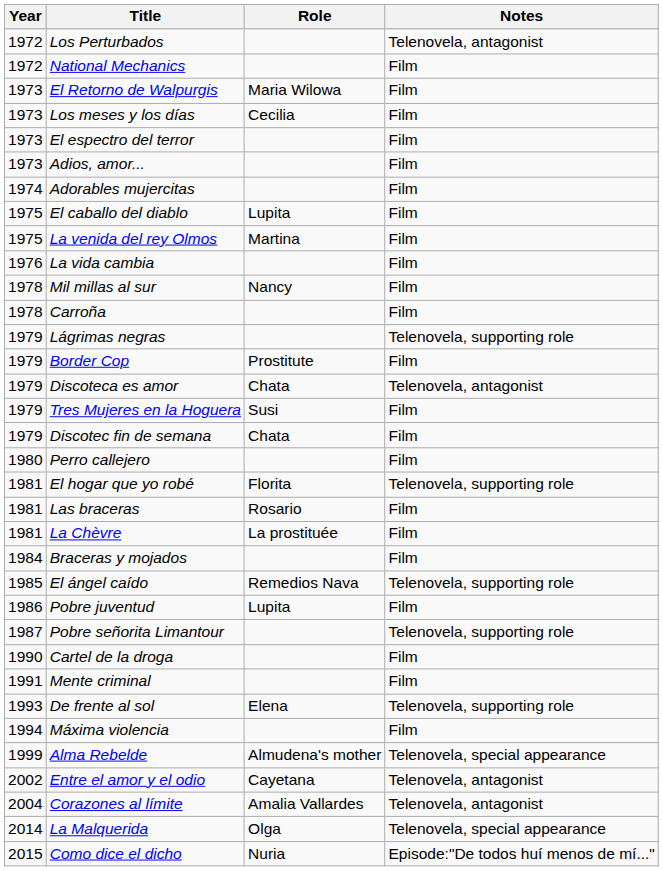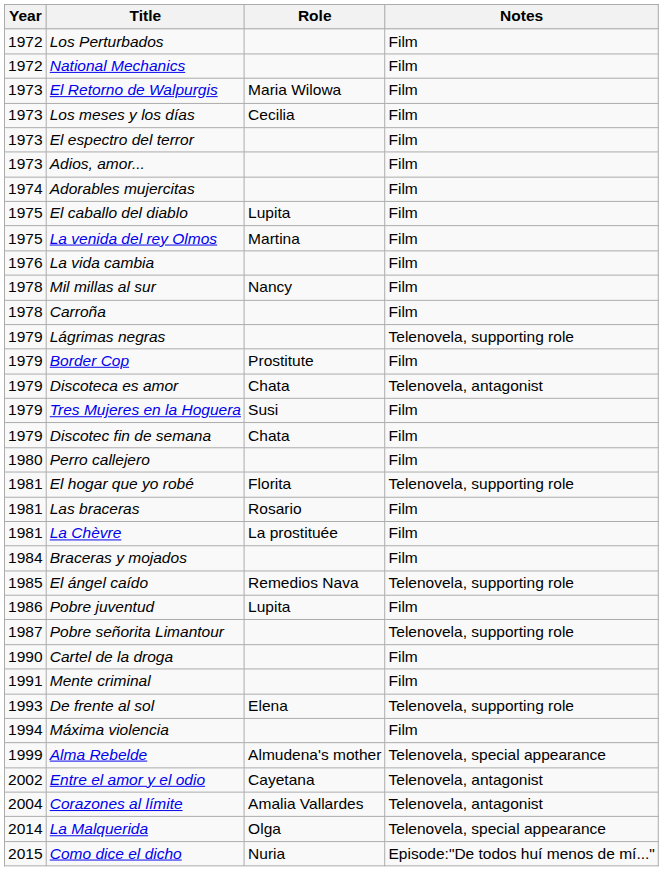 <table class="wikitable">
 <tr style="background:#b0c4de;">
 <th>Year</th>
 <th>Title</th>
 <th>Role</th>
 <th>Notes</th>
 </tr>
 <tr>
 <td>1972</td>
 <td><em>Los Perturbados</em></td>
 <td></td>
-<td>Telenovela, antagonist</td>
+<td>Film</td>
 </tr>
 <tr>
 <td>1972</td>
 <td><em><a href='#'>National Mechanics</a></em></td>
 <td></td>
 <td>Film</td>
 </tr>
 <tr>
 <td>1973</td>
 <td><em><a href='#'>El Retorno de Walpurgis</a></em></td>
 <td>Maria Wilowa</td>
 <td>Film</td>
 </tr>
 <tr>
 <td>1973</td>
 <td><em>Los meses y los días</em></td>
 <td>Cecilia</td>
 <td>Film</td>
 </tr>
 <tr>
 <td>1973</td>
 <td><em>El espectro del terror</em></td>
 <td></td>
 <td>Film</td>
 </tr>
 <tr>
 <td>1973</td>
 <td><em>Adios, amor...</em></td>
 <td></td>
 <td>Film</td>
 </tr>
 <tr>
 <td>1974</td>
 <td><em>Adorables mujercitas</em></td>
 <td></td>
 <td>Film</td>
 </tr>
 <tr>
 <td>1975</td>
 <td><em>El caballo del diablo</em></td>
 <td>Lupita</td>
 <td>Film</td>
 </tr>
 <tr>
 <td>1975</td>
 <td><em><a href='#'>La venida del rey Olmos</a></em></td>
 <td>Martina</td>
 <td>Film</td>
 </tr>
 <tr>
 <td>1976</td>
 <td><em>La vida cambia</em></td>
 <td></td>
 <td>Film</td>
 </tr>
 <tr>
 <td>1978</td>
 <td><em>Mil millas al sur</em></td>
 <td>Nancy</td>
 <td>Film</td>
 </tr>
 <tr>
 <td>1978</td>
 <td><em> Carroña</em></td>
 <td></td>
 <td>Film</td>
 </tr>
 <tr>
 <td>1979</td>
 <td><em> Lágrimas negras</em></td>
 <td></td>
 <td>Telenovela, supporting role</td>
 </tr>
 <tr>
 <td>1979</td>
 <td><em><a href='#'>Border Cop</a></em></td>
 <td>Prostitute</td>
 <td>Film</td>
 </tr>
 <tr>
 <td>1979</td>
 <td><em>Discoteca es amor</em></td>
 <td>Chata</td>
 <td>Telenovela, antagonist</td>
 </tr>
 <tr>
 <td>1979</td>
 <td><em><a href='#'>Tres Mujeres en la Hoguera</a></em></td>
 <td>Susi</td>
 <td>Film</td>
 </tr>
 <tr>
 <td>1979</td>
 <td><em>Discotec fin de semana</em></td>
 <td>Chata</td>
 <td>Film</td>
 </tr>
 <tr>
 <td>1980</td>
 <td><em>Perro callejero</em></td>
 <td></td>
 <td>Film</td>
 </tr>
 <tr>
 <td>1981</td>
 <td><em>El hogar que yo robé</em></td>
 <td>Florita</td>
 <td>Telenovela, supporting role</td>
 </tr>
 <tr>
 <td>1981</td>
 <td><em>Las braceras</em></td>
 <td>Rosario</td>
 <td>Film</td>
 </tr>
 <tr>
 <td>1981</td>
 <td><em><a href='#'>La Chèvre</a></em></td>
 <td>La prostituée</td>
 <td>Film</td>
 </tr>
 <tr>
 <td>1984</td>
 <td><em>Braceras y mojados</em></td>
 <td></td>
 <td>Film</td>
 </tr>
 <tr>
 <td>1985</td>
 <td><em>El ángel caído</em></td>
 <td>Remedios Nava</td>
 <td>Telenovela, supporting role</td>
 </tr>
 <tr>
 <td>1986</td>
 <td><em>Pobre juventud</em></td>
 <td>Lupita</td>
 <td>Film</td>
 </tr>
 <tr>
 <td>1987</td>
 <td><em>Pobre señorita Limantour</em></td>
 <td></td>
 <td>Telenovela, supporting role</td>
 </tr>
 <tr>
 <td>1990</td>
 <td><em>Cartel de la droga</em></td>
 <td></td>
 <td>Film</td>
 </tr>
 <tr>
 <td>1991</td>
 <td><em>Mente criminal</em></td>
 <td></td>
 <td>Film</td>
 </tr>
 <tr>
 <td>1993</td>
 <td><em>De frente al sol</em></td>
 <td>Elena</td>
 <td>Telenovela, supporting role</td>
 </tr>
 <tr>
 <td>1994</td>
 <td><em>Máxima violencia</em></td>
 <td></td>
 <td>Film</td>
 </tr>
 <tr>
 <td>1999</td>
 <td><em><a href='#'>Alma Rebelde</a></em></td>
 <td>Almudena's mother</td>
 <td>Telenovela, special appearance</td>
 </tr>
 <tr>
 <td>2002</td>
 <td><em><a href='#'>Entre el amor y el odio</a></em></td>
 <td>Cayetana</td>
 <td>Telenovela, antagonist</td>
 </tr>
 <tr>
 <td>2004</td>
 <td><em><a href='#'>Corazones al límite</a></em></td>
 <td>Amalia Vallardes</td>
 <td>Telenovela, antagonist</td>
 </tr>
 <tr>
 <td>2014</td>
 <td><em><a href='#'>La Malquerida</a></em></td>
 <td>Olga</td>
 <td>Telenovela, special appearance</td>
 </tr>
 <tr>
 <td>2015</td>
 <td><em><a href='#'>Como dice el dicho</a></em></td>
 <td>Nuria</td>
 <td>Episode:"De todos huí menos de mí..."</td>
 </tr>
 </table>
